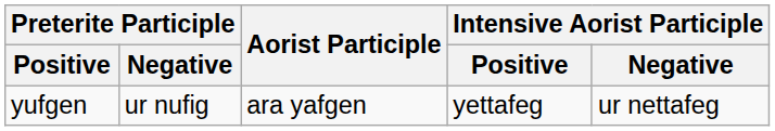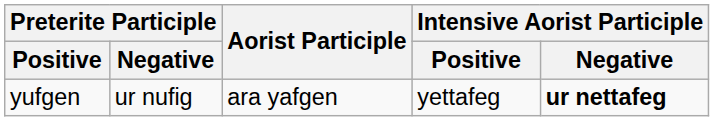 <table class="wikitable">
 <tr>
 <th colspan=2>Preterite Participle</th>
 <th rowspan=2>Aorist Participle</th>
 <th colspan=2>Intensive Aorist Participle</th>
 </tr>
 <tr>
 <th>Positive</th>
 <th>Negative</th>
 <th>Positive</th>
 <th>Negative</th>
 </tr>
 <tr>
 <td>yufgen</td>
 <td>ur nufig</td>
 <td>ara yafgen</td>
 <td>yettafeg</td>
-<td>ur nettafeg</td>
+<td><strong>ur nettafeg</strong></td>
 </tr>
 </table>
